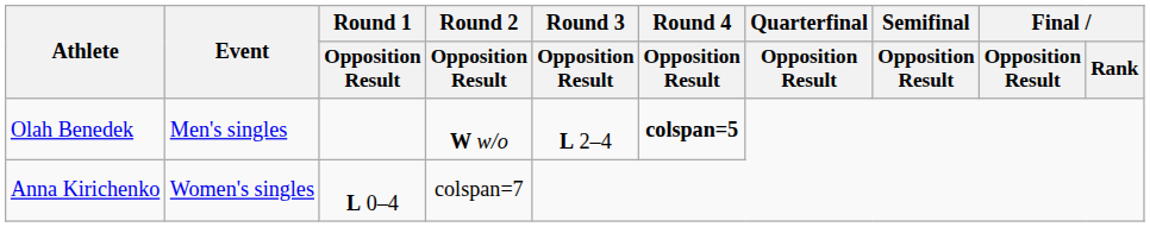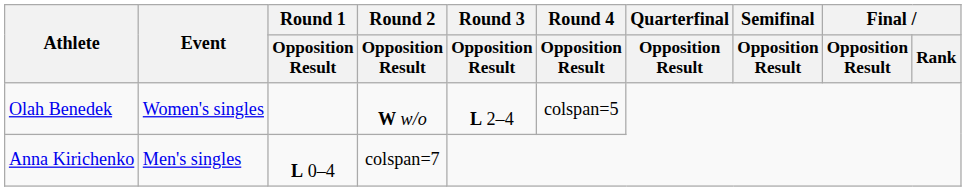 <table class=wikitable style=font-size:90%;text-align:center>
 <tr>
 <th rowspan=2>Athlete</th>
 <th rowspan=2>Event</th>
 <th>Round 1</th>
 <th>Round 2</th>
 <th>Round 3</th>
 <th>Round 4</th>
 <th>Quarterfinal</th>
 <th>Semifinal</th>
 <th colspan=2>Final / </th>
 </tr>
 <tr style=font-size:95%>
 <th>Opposition<br>Result</th>
 <th>Opposition<br>Result</th>
 <th>Opposition<br>Result</th>
 <th>Opposition<br>Result</th>
 <th>Opposition<br>Result</th>
 <th>Opposition<br>Result</th>
 <th>Opposition<br>Result</th>
 <th>Rank</th>
 </tr>
 <tr>
 <td align=left><a href='#'>Olah Benedek</a></td>
-<td align=left><a href='#'>Men's singles</a></td>
+<td align=left><a href='#'>Women's singles</a></td>
 <td></td>
 <td><br><strong>W</strong> <em>w/o</em></td>
 <td><br><strong>L</strong> 2–4</td>
-<td><strong>colspan=5 </strong></td>
+<td>colspan=5 </td>
 </tr>
 <tr>
 <td align=left><a href='#'>Anna Kirichenko</a></td>
-<td align=left><a href='#'>Women's singles</a></td>
+<td align=left><a href='#'>Men's singles</a></td>
 <td><br><strong>L</strong> 0–4</td>
 <td>colspan=7 </td>
 </tr>
 </table>
